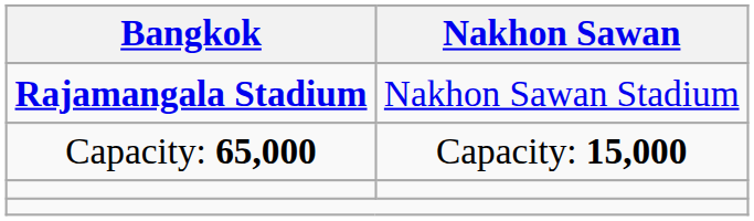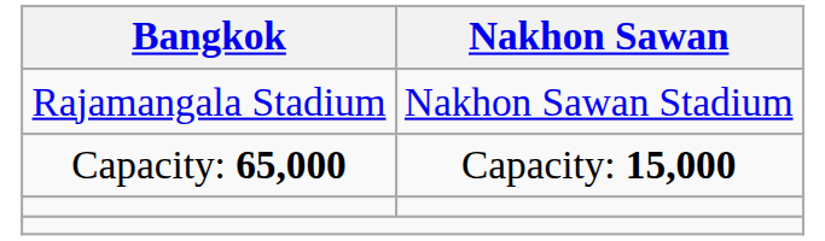 <table class="wikitable" style="text-align:center;margin: auto">
 <tr>
 <th><a href='#'>Bangkok</a></th>
 <th><a href='#'>Nakhon Sawan</a></th>
 </tr>
 <tr>
-<td><strong><a href='#'>Rajamangala Stadium</a></strong></td>
+<td><a href='#'>Rajamangala Stadium</a></td>
 <td><a href='#'>Nakhon Sawan Stadium</a></td>
 </tr>
 <tr>
 <td>Capacity: <strong>65,000</strong></td>
 <td>Capacity: <strong>15,000</strong></td>
 </tr>
 <tr>
 <td></td>
 <td></td>
 </tr>
 <tr>
 <td rowspan=2 colspan=2></td>
 </tr>
 </table>
